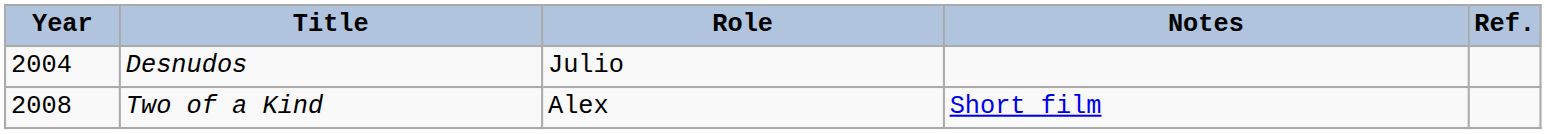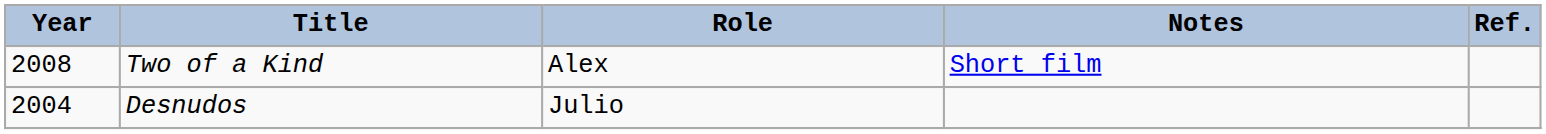 <table class="wikitable sortable plainrowheaders" style="width=95%; font-size: 95%;">
 <tr>
 <th style="background:#b0c4de; width:50px;">Year</th>
 <th style="background:#b0c4de; width:200px;">Title</th>
 <th style="background:#b0c4de; width:190px;">Role</th>
 <th style="background:#b0c4de;  width:250px;">Notes</th>
 <th style="background:#b0c4de">Ref.</th>
 </tr>
 <tr>
+<td>2008</td>
+<td><em>Two of a Kind</em></td>
+<td>Alex</td>
+<td><a href='#'>Short film</a></td>
+<td></td>
+</tr>
+<tr>
 <td>2004</td>
 <td><em>Desnudos</em></td>
 <td>Julio</td>
 <td></td>
 <td></td>
 </tr>
 <tr>
-<td>2008</td>
-<td><em>Two of a Kind</em></td>
-<td>Alex</td>
-<td><a href='#'>Short film</a></td>
-<td></td>
-</tr>
-<tr>
 </tr>
 </table>
